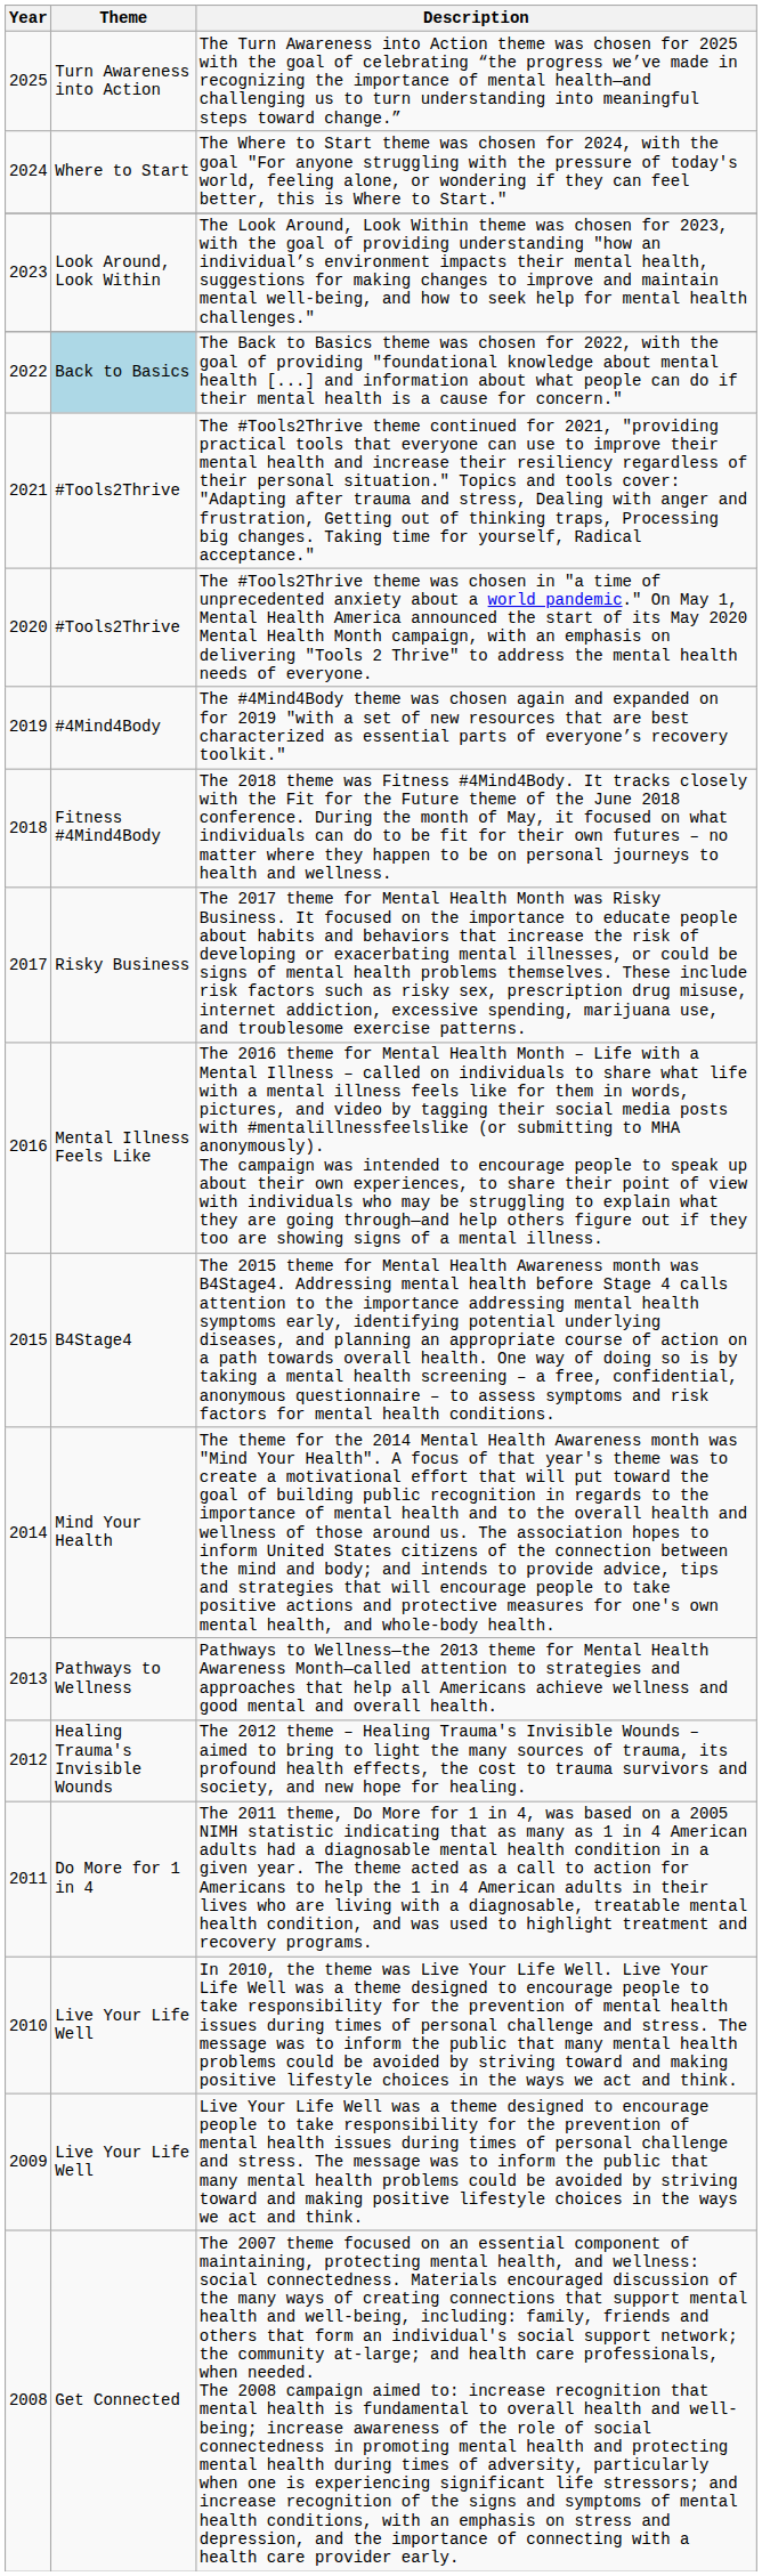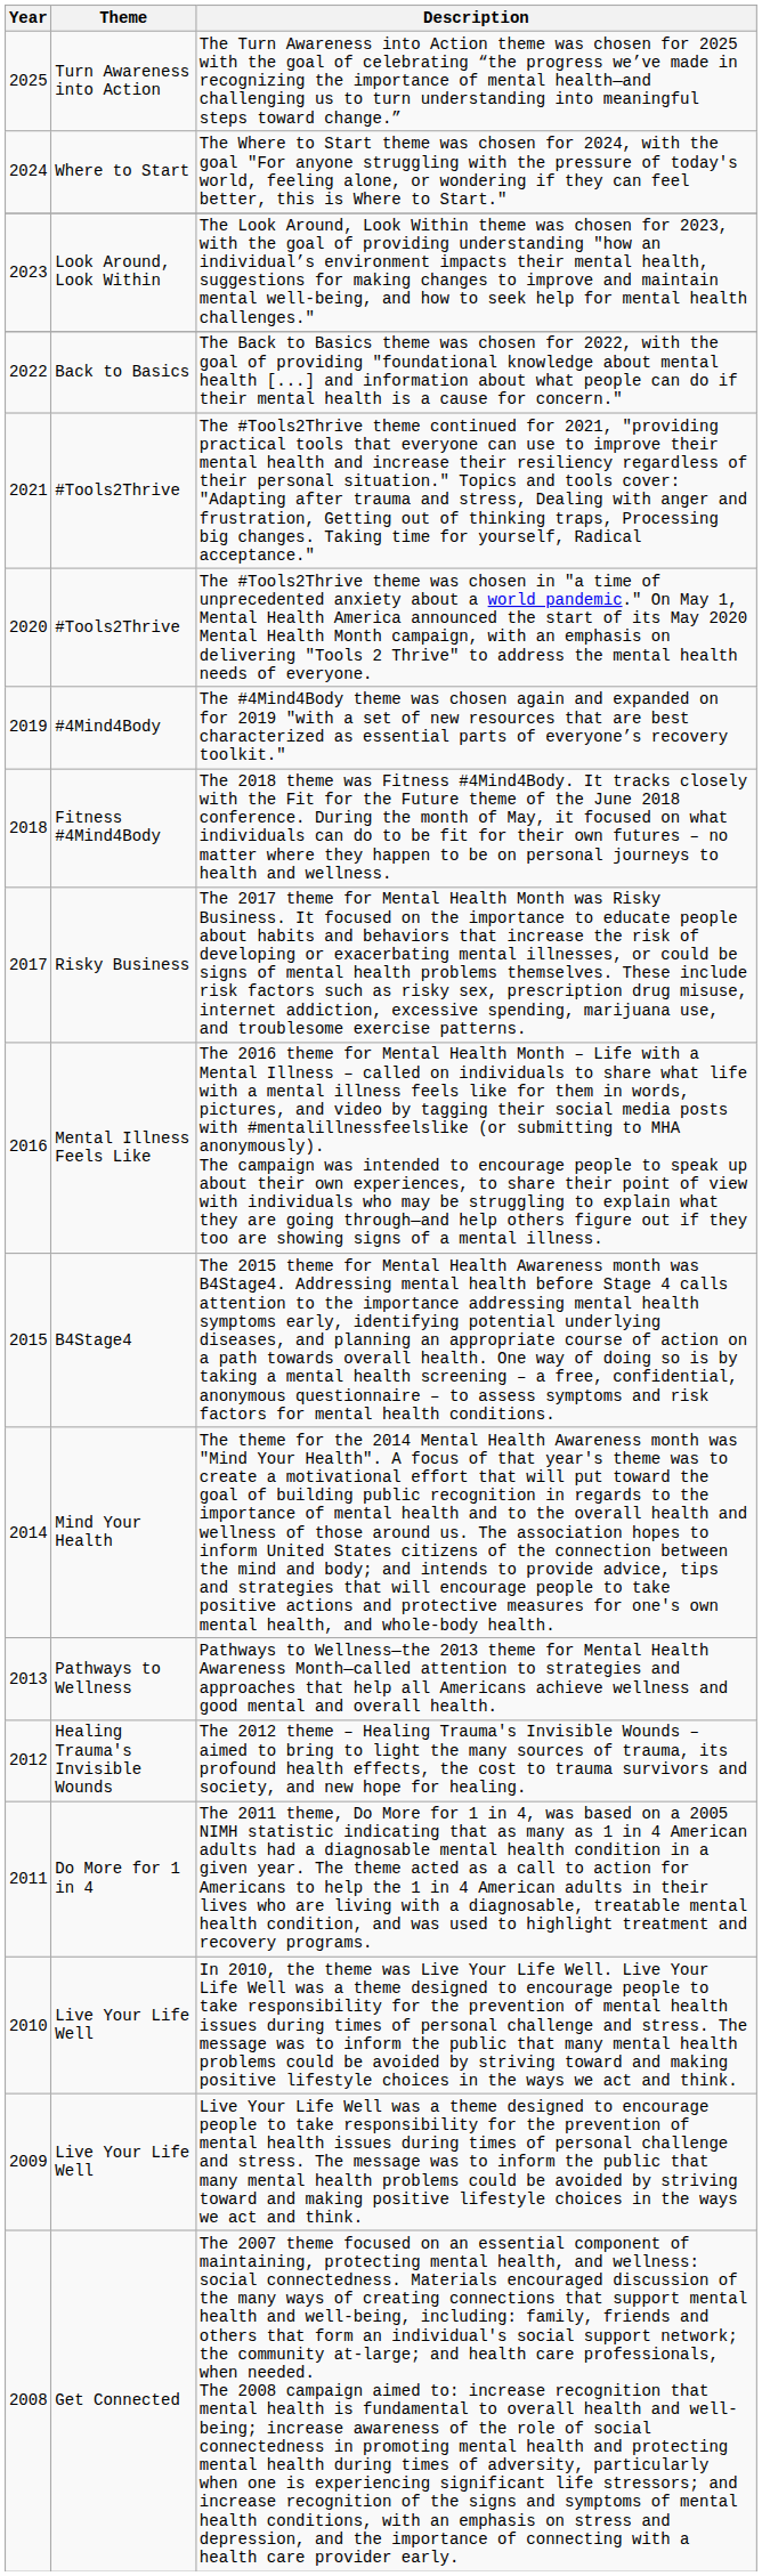 <table class="wikitable">
 <tr>
 <th>Year</th>
 <th>Theme</th>
 <th>Description</th>
 </tr>
 <tr>
 <td>2025</td>
 <td>Turn Awareness into Action</td>
 <td>The Turn Awareness into Action theme was chosen for 2025 with the goal of celebrating “the progress we’ve made in recognizing the importance of mental health—and challenging us to turn understanding into meaningful steps toward change.”</td>
 </tr>
 <tr>
 <td>2024</td>
 <td>Where to Start</td>
 <td>The Where to Start theme was chosen for 2024, with the goal "For anyone struggling with the pressure of today's world, feeling alone, or wondering if they can feel better, this is Where to Start."</td>
 </tr>
 <tr>
 </tr>
 <tr>
 <td>2023</td>
 <td>Look Around, Look Within</td>
 <td>The Look Around, Look Within theme was chosen for 2023, with the goal of providing understanding "how an individual’s environment impacts their mental health, suggestions for making changes to improve and maintain mental well-being, and how to seek help for mental health challenges."</td>
 </tr>
 <tr>
 </tr>
 <tr>
 <td>2022</td>
-<td style="background: lightblue;">Back to Basics</td>
+<td>Back to Basics</td>
 <td>The Back to Basics theme was chosen for 2022, with the goal of providing "foundational knowledge about mental health [...] and information about what people can do if their mental health is a cause for concern."</td>
 </tr>
 <tr>
 <td>2021</td>
 <td>#Tools2Thrive</td>
 <td>The #Tools2Thrive theme continued for 2021, "providing practical tools that everyone can use to improve their mental health and increase their resiliency regardless of their personal situation." Topics and tools cover: "Adapting after trauma and stress, Dealing with anger and frustration, Getting out of thinking traps, Processing big changes. Taking time for yourself, Radical acceptance."</td>
 </tr>
 <tr>
 <td>2020</td>
 <td>#Tools2Thrive</td>
 <td>The #Tools2Thrive theme was chosen in "a time of unprecedented anxiety about a <a href='#'>world pandemic</a>." On May 1, Mental Health America announced the start of its May 2020 Mental Health Month campaign, with an emphasis on delivering "Tools 2 Thrive" to address the mental health needs of everyone.</td>
 </tr>
 <tr>
 <td>2019</td>
 <td>#4Mind4Body</td>
 <td>The #4Mind4Body theme was chosen again and expanded on for 2019 "with a set of new resources that are best characterized as essential parts of everyone’s recovery toolkit."</td>
 </tr>
 <tr>
 <td>2018</td>
 <td>Fitness #4Mind4Body</td>
 <td>The 2018 theme was Fitness #4Mind4Body. It tracks closely with the Fit for the Future theme of the June 2018 conference. During the month of May, it focused on what individuals can do to be fit for their own futures – no matter where they happen to be on personal journeys to health and wellness.</td>
 </tr>
 <tr>
 <td>2017</td>
 <td>Risky Business</td>
 <td>The 2017 theme for Mental Health Month was Risky Business. It focused on the importance to educate people about habits and behaviors that increase the risk of developing or exacerbating mental illnesses, or could be signs of mental health problems themselves. These include risk factors such as risky sex, prescription drug misuse, internet addiction, excessive spending, marijuana use, and troublesome exercise patterns.</td>
 </tr>
 <tr>
 <td>2016</td>
 <td>Mental Illness Feels Like</td>
 <td>The 2016 theme for Mental Health Month – Life with a Mental Illness – called on individuals to share what life with a mental illness feels like for them in words, pictures, and video by tagging their social media posts with #mentalillnessfeelslike (or submitting to MHA anonymously).<br>The campaign was intended to encourage people to speak up about their own experiences, to share their point of view with individuals who may be struggling to explain what they are going through—and help others figure out if they too are showing signs of a mental illness.</td>
 </tr>
 <tr>
 <td>2015</td>
 <td>B4Stage4</td>
 <td>The 2015 theme for Mental Health Awareness month was B4Stage4. Addressing mental health before Stage 4 calls attention to the importance addressing mental health symptoms early, identifying potential underlying diseases, and planning an appropriate course of action on a path towards overall health. One way of doing so is by taking a mental health screening – a free, confidential, anonymous questionnaire – to assess symptoms and risk factors for mental health conditions.</td>
 </tr>
 <tr>
 <td>2014</td>
 <td>Mind Your Health</td>
 <td>The theme for the 2014 Mental Health Awareness month was "Mind Your Health". A focus of that year's theme was to create a motivational effort that will put toward the goal of building public recognition in regards to the importance of mental health and to the overall health and wellness of those around us. The association hopes to inform United States citizens of the connection between the mind and body; and intends to provide advice, tips and strategies that will encourage people to take positive actions and protective measures for one's own mental health, and whole-body health.</td>
 </tr>
 <tr>
 <td>2013</td>
 <td>Pathways to Wellness</td>
 <td>Pathways to Wellness—the 2013 theme for Mental Health Awareness Month—called attention to strategies and approaches that help all Americans achieve wellness and good mental and overall health.</td>
 </tr>
 <tr>
 <td>2012</td>
 <td>Healing Trauma's Invisible Wounds</td>
 <td>The 2012 theme – Healing Trauma's Invisible Wounds – aimed to bring to light the many sources of trauma, its profound health effects, the cost  to trauma survivors and society, and new hope for healing.</td>
 </tr>
 <tr>
 <td>2011</td>
 <td>Do More for 1 in 4</td>
 <td>The 2011 theme, Do More for 1 in 4, was based on a 2005 NIMH statistic indicating that as many as 1 in 4 American adults had a diagnosable mental health condition in a given year.  The theme acted as a  call to action for Americans to help the 1 in 4 American adults in their lives who are living with a diagnosable, treatable mental health condition, and was used to highlight treatment and recovery programs.</td>
 </tr>
 <tr>
 <td>2010</td>
 <td>Live Your Life Well</td>
 <td>In 2010, the theme was Live Your Life Well. Live Your Life Well was a theme designed to encourage people to take responsibility for the prevention of mental health issues during times of personal challenge and stress. The message was to inform the public that many mental health problems could be avoided by striving toward and making positive lifestyle choices in the ways we act and think.</td>
 </tr>
 <tr>
 <td>2009</td>
 <td>Live Your Life Well</td>
 <td>Live Your Life Well was a theme designed to encourage people to take responsibility for the prevention of mental health issues during times of personal challenge and stress. The message was to inform the public that many mental health problems could be avoided by striving toward and making positive lifestyle choices in the ways we act and think.</td>
 </tr>
 <tr>
 <td>2008</td>
 <td>Get Connected</td>
 <td>The 2007 theme focused on an essential component of maintaining, protecting mental health, and wellness: social connectedness. Materials encouraged discussion of the many ways of creating connections that support mental health and well-being, including: family, friends and others that form an individual's social support network; the community at-large; and health care professionals, when needed.<br>The 2008 campaign aimed to: increase recognition that mental health is fundamental to overall health and well-being; increase awareness of the role of social connectedness in promoting mental health and protecting mental health during times of adversity, particularly when one is experiencing significant life stressors; and increase recognition of the signs and symptoms of mental health conditions, with an emphasis on stress and depression, and the importance of connecting with a health care provider early.</td>
 </tr>
 </table>
